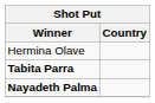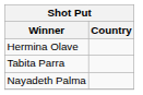 <table class="wikitable">
 <tr>
 <th colspan="3">Shot Put</th>
 </tr>
 <tr>
 <th style=>Winner</th>
 <th>Country</th>
 </tr>
 <tr>
 <td>Hermina Olave</td>
 <td></td>
 </tr>
 <tr>
-<td><strong>Tabita Parra</strong></td>
+<td>Tabita Parra</td>
 <td></td>
 </tr>
 <tr>
-<td><strong>Nayadeth Palma</strong></td>
+<td>Nayadeth Palma</td>
 <td></td>
 </tr>
 <tr>
 </tr>
 </table>
